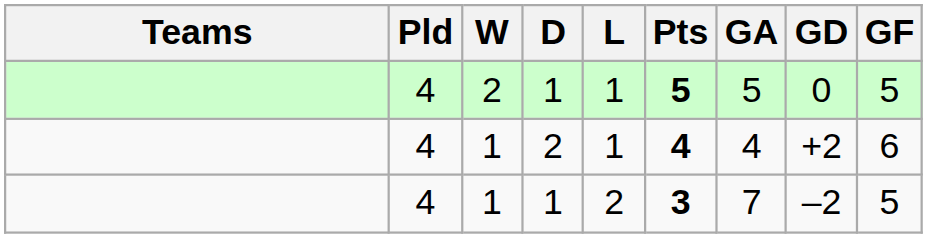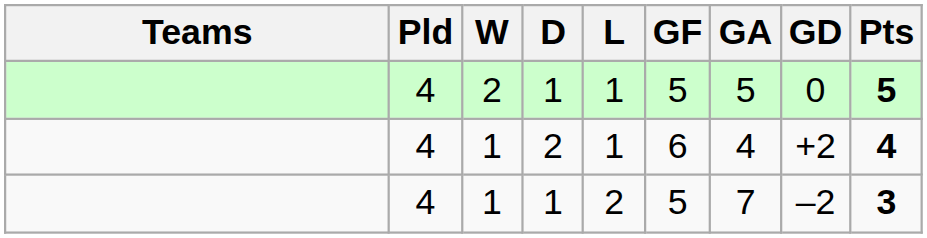 <table class="wikitable" style="text-align: center;">
 <tr>
 <th width=165>Teams</th>
 <th width=20>Pld</th>
 <th width=20>W</th>
 <th width=20>D</th>
 <th width=20>L</th>
-<th width=20>Pts</th>
+<th width=20>GF</th>
 <th width=20>GA</th>
 <th width=20>GD</th>
-<th width=20>GF</th>
+<th width=20>Pts</th>
 </tr>
 <tr align=center style="background:#ccffcc;">
 <td style="text-align:left;"></td>
 <td>4</td>
 <td>2</td>
 <td>1</td>
 <td>1</td>
-<td><strong>5</strong></td>
+<td>5</td>
 <td>5</td>
 <td>0</td>
-<td>5</td>
+<td><strong>5</strong></td>
 </tr>
 <tr align=center>
 <td style="text-align:left;"></td>
 <td>4</td>
 <td>1</td>
 <td>2</td>
 <td>1</td>
-<td><strong>4</strong></td>
+<td>6</td>
 <td>4</td>
 <td>+2</td>
-<td>6</td>
+<td><strong>4</strong></td>
 </tr>
 <tr align=center>
 <td style="text-align:left;"></td>
 <td>4</td>
 <td>1</td>
 <td>1</td>
 <td>2</td>
-<td><strong>3</strong></td>
+<td>5</td>
 <td>7</td>
 <td>–2</td>
-<td>5</td>
+<td><strong>3</strong></td>
 </tr>
 </table>
